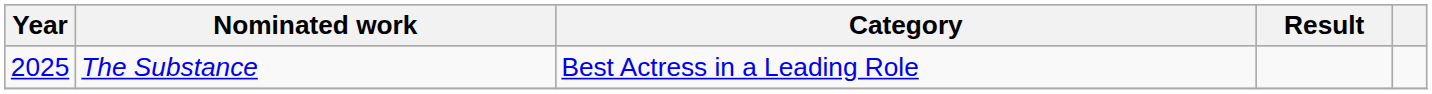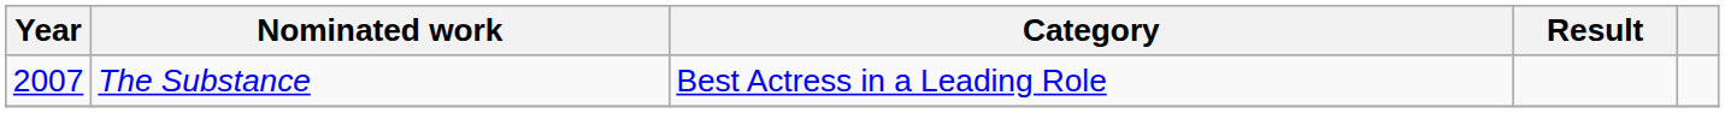 <table class="wikitable">
 <tr>
 <th scope="col" style="width:1em;">Year</th>
 <th scope="col" style="width:20em;">Nominated work</th>
 <th scope="col" style="width:30em;">Category</th>
 <th scope="col" style="width:5em;">Result</th>
 <th scope="col" style="width:1em;"></th>
 </tr>
 <tr>
-<td><a href='#'>2025</a></td>
+<td><a href='#'>2007</a></td>
 <td><em><a href='#'>The Substance</a></em></td>
 <td><a href='#'>Best Actress in a Leading Role</a></td>
 <td></td>
 <td></td>
 </tr>
 <tr>
 </tr>
 </table>
